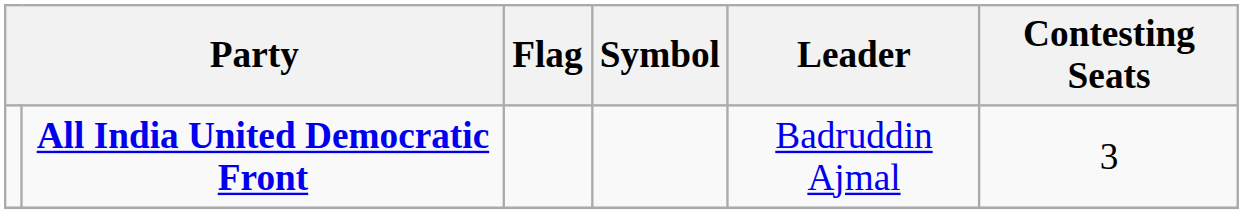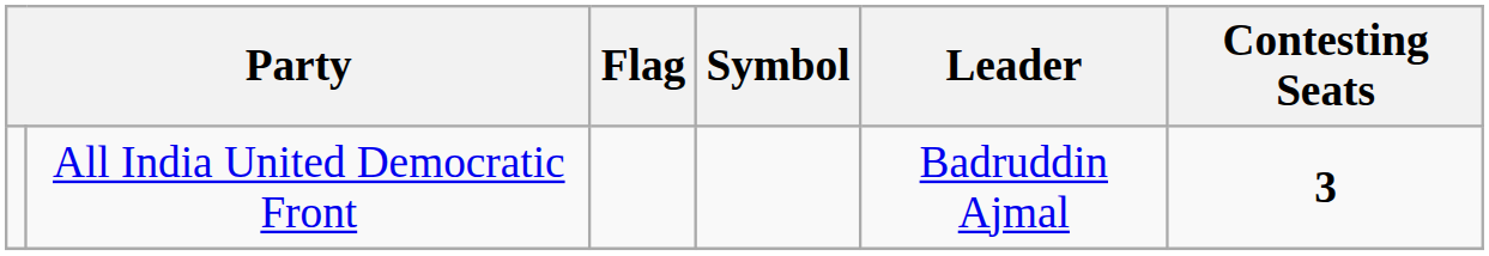 <table class="wikitable" width="60%" style="text-align:center">
 <tr>
 <th colspan="2">Party</th>
 <th>Flag</th>
 <th>Symbol</th>
 <th>Leader</th>
 <th>Contesting Seats</th>
 </tr>
 <tr>
 <td></td>
-<td><strong><a href='#'>All India United Democratic Front</a></strong></td>
+<td><a href='#'>All India United Democratic Front</a></td>
 <td></td>
 <td></td>
 <td><a href='#'>Badruddin Ajmal</a></td>
-<td>3</td>
+<td><strong>3</strong></td>
 </tr>
 <tr>
 </tr>
 </table>
